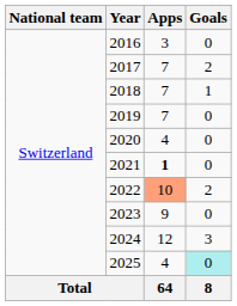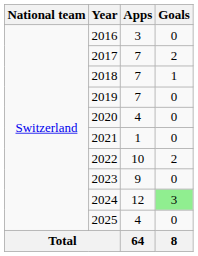 <table class="wikitable" style="text-align:center">
 <tr>
 <th>National team</th>
 <th>Year</th>
 <th>Apps</th>
 <th>Goals</th>
 </tr>
 <tr>
 <td rowspan="10"><a href='#'>Switzerland</a></td>
 <td>2016</td>
 <td>3</td>
 <td>0</td>
 </tr>
 <tr>
 <td>2017</td>
 <td>7</td>
 <td>2</td>
 </tr>
 <tr>
 <td>2018</td>
 <td>7</td>
 <td>1</td>
 </tr>
 <tr>
 <td>2019</td>
 <td>7</td>
 <td>0</td>
 </tr>
 <tr>
 <td>2020</td>
 <td>4</td>
 <td>0</td>
 </tr>
 <tr>
 <td>2021</td>
-<td><strong>1</strong></td>
+<td>1</td>
 <td>0</td>
 </tr>
 <tr>
 <td>2022</td>
-<td style="background: lightsalmon;">10</td>
+<td>10</td>
 <td>2</td>
 </tr>
 <tr>
 <td>2023</td>
 <td>9</td>
 <td>0</td>
 </tr>
 <tr>
 <td>2024</td>
 <td>12</td>
-<td>3</td>
+<td style="background: lightgreen;">3</td>
 </tr>
 <tr>
 <td>2025</td>
 <td>4</td>
-<td style="background: paleturquoise;">0</td>
+<td>0</td>
 </tr>
 <tr>
 <th colspan="2">Total</th>
 <th>64</th>
 <th>8</th>
 </tr>
 </table>
